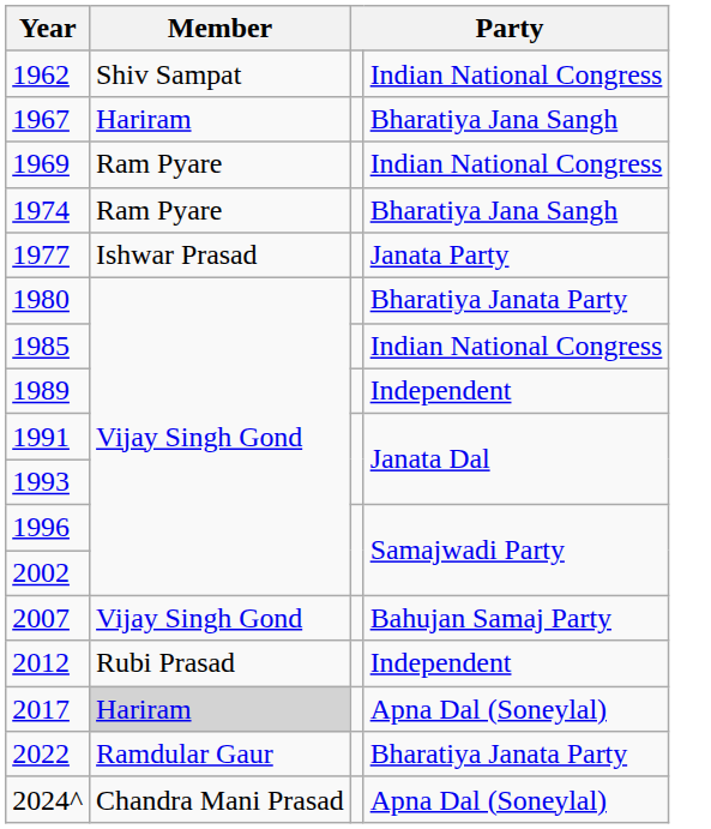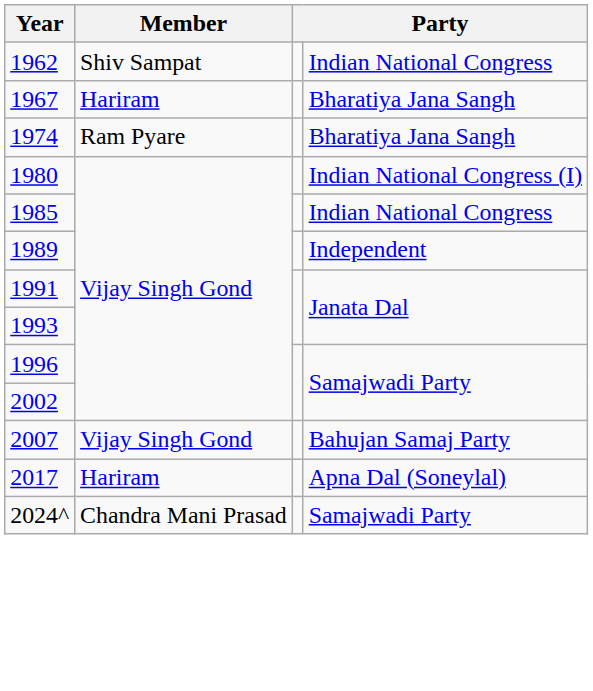 <table class="wikitable">
 <tr>
 <th>Year</th>
 <th>Member</th>
 <th colspan=2>Party</th>
 </tr>
 <tr>
 <td><a href='#'>1962</a></td>
 <td>Shiv Sampat</td>
 <td style="background-color: "></td>
 <td><a href='#'>Indian National Congress</a></td>
 </tr>
 <tr>
 <td><a href='#'>1967</a></td>
 <td><a href='#'>Hariram</a></td>
 <td style="background-color: "></td>
 <td><a href='#'>Bharatiya Jana Sangh</a></td>
 </tr>
 <tr>
-<td><a href='#'>1969</a></td>
-<td>Ram Pyare</td>
-<td style="background-color: "></td>
-<td><a href='#'>Indian National Congress</a></td>
-</tr>
-<tr>
 <td><a href='#'>1974</a></td>
 <td>Ram Pyare</td>
 <td style="background-color: "></td>
 <td><a href='#'>Bharatiya Jana Sangh</a></td>
 </tr>
 <tr>
-<td><a href='#'>1977</a></td>
-<td>Ishwar Prasad</td>
-<td style="background-color: "></td>
-<td><a href='#'>Janata Party</a></td>
-</tr>
-<tr>
 <td><a href='#'>1980</a></td>
 <td rowspan="7"><a href='#'>Vijay Singh Gond</a></td>
 <td style="background-color: "></td>
-<td><a href='#'>Bharatiya Janata Party</a></td>
+<td><a href='#'>Indian National Congress (I)</a></td>
 </tr>
 <tr>
 <td><a href='#'>1985</a></td>
 <td style="background-color: "></td>
 <td><a href='#'>Indian National Congress</a></td>
 </tr>
 <tr>
 <td><a href='#'>1989</a></td>
 <td style="background-color: "></td>
 <td><a href='#'>Independent</a></td>
 </tr>
 <tr>
 <td><a href='#'>1991</a></td>
 <td rowspan="2" style="background-color: "></td>
 <td rowspan="2"><a href='#'>Janata Dal</a></td>
 </tr>
 <tr>
 <td><a href='#'>1993</a></td>
 </tr>
 <tr>
 <td><a href='#'>1996</a></td>
 <td rowspan="2" style="background-color: "></td>
 <td rowspan="2"><a href='#'>Samajwadi Party</a></td>
 </tr>
 <tr>
 <td><a href='#'>2002</a></td>
 </tr>
 <tr>
 <td><a href='#'>2007</a></td>
 <td><a href='#'>Vijay Singh Gond</a></td>
 <td style="background-color: "></td>
 <td><a href='#'>Bahujan Samaj Party</a></td>
 </tr>
 <tr>
-<td><a href='#'>2012</a></td>
-<td>Rubi Prasad</td>
-<td style="background-color: "></td>
-<td><a href='#'>Independent</a></td>
-</tr>
-<tr>
 <td><a href='#'>2017</a></td>
-<td style="background: lightgrey;"><a href='#'>Hariram</a></td>
+<td><a href='#'>Hariram</a></td>
 <td style="background-color: "></td>
 <td><a href='#'>Apna Dal (Soneylal)</a></td>
-</tr>
-<tr>
-<td><a href='#'>2022</a></td>
-<td><a href='#'>Ramdular Gaur</a></td>
-<td style="background-color: "></td>
-<td><a href='#'>Bharatiya Janata Party</a></td>
 </tr>
 <tr>
 <td>2024^</td>
 <td>Chandra Mani Prasad</td>
 <td style="background-color: "></td>
-<td><a href='#'>Apna Dal (Soneylal)</a></td>
+<td><a href='#'>Samajwadi Party</a></td>
 </tr>
 </table>
